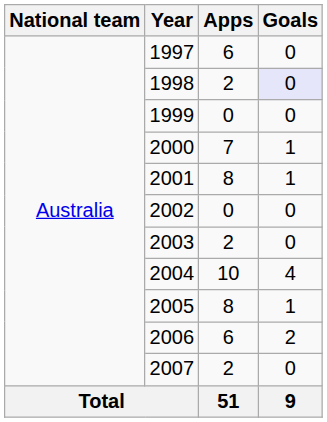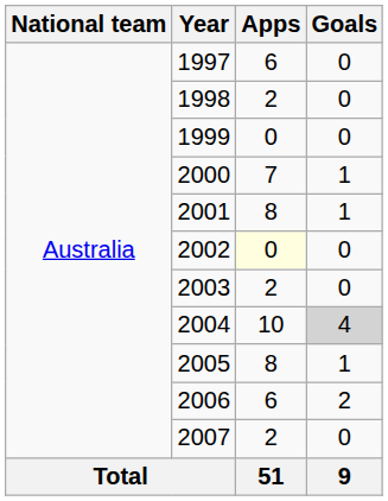 <table class="wikitable" style="text-align:center">
 <tr>
 <th>National team</th>
 <th>Year</th>
 <th>Apps</th>
 <th>Goals</th>
 </tr>
 <tr>
 <td rowspan="11"><a href='#'>Australia</a></td>
 <td>1997</td>
 <td>6</td>
 <td>0</td>
 </tr>
 <tr>
 <td>1998</td>
 <td>2</td>
-<td style="background: lavender;">0</td>
+<td>0</td>
 </tr>
 <tr>
 <td>1999</td>
 <td>0</td>
 <td>0</td>
 </tr>
 <tr>
 <td>2000</td>
 <td>7</td>
 <td>1</td>
 </tr>
 <tr>
 <td>2001</td>
 <td>8</td>
 <td>1</td>
 </tr>
 <tr>
 <td>2002</td>
-<td>0</td>
+<td style="background: lightyellow;">0</td>
 <td>0</td>
 </tr>
 <tr>
 <td>2003</td>
 <td>2</td>
 <td>0</td>
 </tr>
 <tr>
 <td>2004</td>
 <td>10</td>
-<td>4</td>
+<td style="background: lightgrey;">4</td>
 </tr>
 <tr>
 <td>2005</td>
 <td>8</td>
 <td>1</td>
 </tr>
 <tr>
 <td>2006</td>
 <td>6</td>
 <td>2</td>
 </tr>
 <tr>
 <td>2007</td>
 <td>2</td>
 <td>0</td>
 </tr>
 <tr>
 <th colspan="2">Total</th>
 <th>51</th>
 <th>9</th>
 </tr>
 </table>
